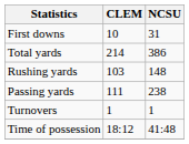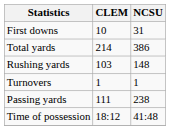 <table class="wikitable">
 <tr>
 <th>Statistics</th>
 <th>CLEM</th>
 <th>NCSU</th>
 </tr>
 <tr>
 <td>First downs</td>
 <td>10</td>
 <td>31</td>
 </tr>
 <tr>
 <td>Total yards</td>
 <td>214</td>
 <td>386</td>
 </tr>
 <tr>
 <td>Rushing yards</td>
 <td>103</td>
 <td>148</td>
 </tr>
 <tr>
+<td>Turnovers</td>
+<td>1</td>
+<td>1</td>
+</tr>
+<tr>
 <td>Passing yards</td>
 <td>111</td>
 <td>238</td>
-</tr>
-<tr>
-<td>Turnovers</td>
-<td>1</td>
-<td>1</td>
 </tr>
 <tr>
 <td>Time of possession</td>
 <td>18:12</td>
 <td>41:48</td>
 </tr>
 <tr>
 </tr>
 </table>
